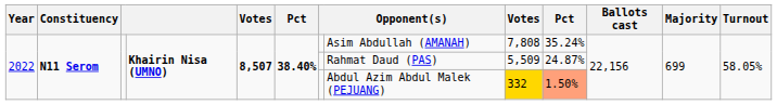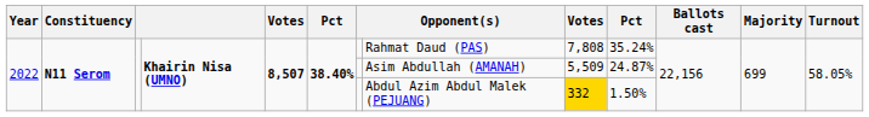 <table class="wikitable" style="margin:0.5em ; font-size:95%">
 <tr>
 <th>Year</th>
 <th>Constituency</th>
 <th colspan=2></th>
 <th>Votes</th>
 <th>Pct</th>
 <th colspan=2>Opponent(s)</th>
 <th>Votes</th>
 <th>Pct</th>
 <th>Ballots cast</th>
 <th>Majority</th>
 <th>Turnout</th>
 </tr>
 <tr>
 <td rowspan="3"><a href='#'>2022</a></td>
 <td rowspan="3"><strong>N11 <a href='#'>Serom</a></strong></td>
 <td rowspan=3 ></td>
 <td rowspan="3"><strong>Khairin Nisa (<a href='#'>UMNO</a>)</strong></td>
 <td rowspan="3"><strong>8,507</strong></td>
 <td rowspan="3"><strong>38.40%</strong></td>
 <td></td>
-<td>Asim Abdullah (<a href='#'>AMANAH</a>)</td>
+<td>Rahmat Daud (<a href='#'>PAS</a>)</td>
 <td>7,808</td>
 <td>35.24%</td>
 <td rowspan="3">22,156</td>
 <td rowspan="3">699</td>
 <td rowspan="3">58.05%</td>
 </tr>
 <tr>
 <td></td>
-<td>Rahmat Daud (<a href='#'>PAS</a>)</td>
+<td>Asim Abdullah (<a href='#'>AMANAH</a>)</td>
 <td>5,509</td>
 <td>24.87%</td>
 </tr>
 <tr>
 <td></td>
 <td>Abdul Azim Abdul Malek (<a href='#'>PEJUANG</a>)</td>
 <td style="background: gold;">332</td>
-<td style="background: lightsalmon;">1.50%</td>
+<td>1.50%</td>
 </tr>
 </table>
